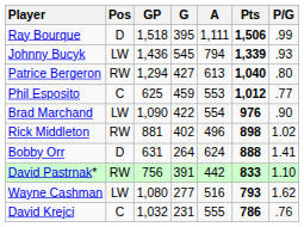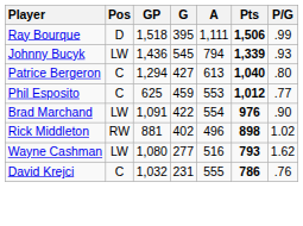 <table class="wikitable" style="text-align:center;">
 <tr>
 <th style="text-align:left;">Player</th>
 <th>Pos</th>
 <th>GP</th>
 <th>G</th>
 <th>A</th>
 <th>Pts</th>
 <th>P/G</th>
 </tr>
 <tr>
 <td style="text-align:left;"><a href='#'>Ray Bourque</a></td>
 <td>D</td>
 <td>1,518</td>
 <td>395</td>
 <td>1,111</td>
 <td><strong>1,506</strong></td>
 <td>.99</td>
 </tr>
 <tr>
 <td style="text-align:left;"><a href='#'>Johnny Bucyk</a></td>
 <td>LW</td>
 <td>1,436</td>
 <td>545</td>
 <td>794</td>
 <td><strong>1,339</strong></td>
 <td>.93</td>
 </tr>
 <tr>
 <td style="text-align:left;"><a href='#'>Patrice Bergeron</a></td>
-<td>RW</td>
+<td>C</td>
 <td>1,294</td>
 <td>427</td>
 <td>613</td>
 <td><strong>1,040</strong></td>
 <td>.80</td>
 </tr>
 <tr>
 <td style="text-align:left;"><a href='#'>Phil Esposito</a></td>
 <td>C</td>
 <td>625</td>
 <td>459</td>
 <td>553</td>
 <td><strong>1,012</strong></td>
 <td>.77</td>
 </tr>
 <tr>
 <td style="text-align:left;"><a href='#'>Brad Marchand</a></td>
 <td>LW</td>
-<td>1,090</td>
+<td>1,091</td>
 <td>422</td>
 <td>554</td>
 <td><strong>976</strong></td>
 <td>.90</td>
 </tr>
 <tr>
 <td style="text-align:left;"><a href='#'>Rick Middleton</a></td>
 <td>RW</td>
 <td>881</td>
 <td>402</td>
 <td>496</td>
 <td><strong>898</strong></td>
 <td>1.02</td>
-</tr>
-<tr>
-<td style="text-align:left;"><a href='#'>Bobby Orr</a></td>
-<td>D</td>
-<td>631</td>
-<td>264</td>
-<td>624</td>
-<td><strong>888</strong></td>
-<td>1.41</td>
-</tr>
-<tr style="background:#cfc;">
-<td style="text-align:left;"><a href='#'>David Pastrnak</a>*</td>
-<td>RW</td>
-<td>756</td>
-<td>391</td>
-<td>442</td>
-<td><strong>833</strong></td>
-<td>1.10</td>
 </tr>
 <tr>
 <td style="text-align:left;"><a href='#'>Wayne Cashman</a></td>
 <td>LW</td>
 <td>1,080</td>
 <td>277</td>
 <td>516</td>
 <td><strong>793</strong></td>
 <td>1.62</td>
 </tr>
 <tr>
 <td style="text-align:left;"><a href='#'>David Krejci</a></td>
 <td>C</td>
 <td>1,032</td>
 <td>231</td>
 <td>555</td>
 <td><strong>786</strong></td>
 <td>.76</td>
 </tr>
 </table>
